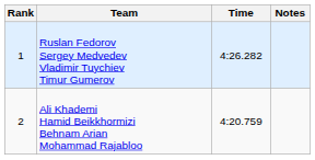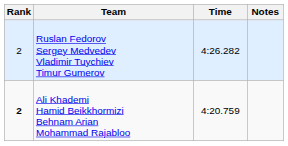 <table class=wikitable style="text-align:center">
 <tr>
 <th width=40>Rank</th>
 <th width=250>Team</th>
 <th width=80>Time</th>
 <th width=50>Notes</th>
 </tr>
 <tr bgcolor=dfefff>
-<td>1</td>
+<td>2</td>
 <td align=left><br><a href='#'>Ruslan Fedorov</a><br><a href='#'>Sergey Medvedev</a><br><a href='#'>Vladimir Tuychiev</a><br><a href='#'>Timur Gumerov</a></td>
 <td>4:26.282</td>
 <td></td>
 </tr>
 <tr>
-<td>2</td>
+<td><strong>2</strong></td>
 <td align=left><br><a href='#'>Ali Khademi</a><br><a href='#'>Hamid Beikkhormizi</a><br><a href='#'>Behnam Arian</a><br><a href='#'>Mohammad Rajabloo</a></td>
 <td>4:20.759</td>
 <td></td>
 </tr>
 </table>
